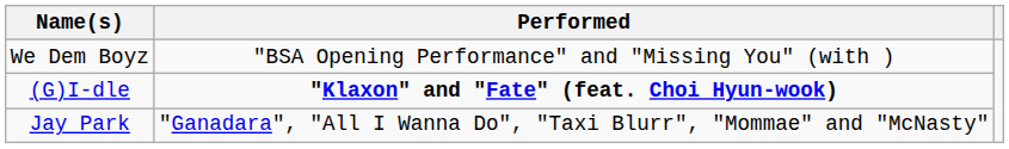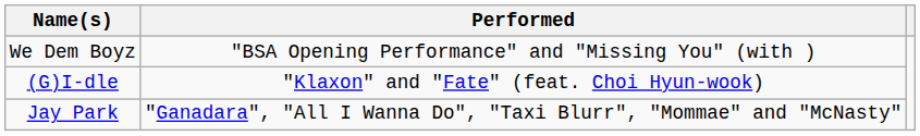 <table class="wikitable" style="text-align:center;">
 <tr>
 <th>Name(s)</th>
 <th>Performed</th>
 <th class="unsortable"></th>
 </tr>
 <tr>
 <td>We Dem Boyz</td>
 <td>"BSA Opening Performance" and "Missing You" (with )</td>
 <td rowspan="3"></td>
 </tr>
 <tr>
 <td><a href='#'>(G)I-dle</a></td>
-<td><strong>"<a href='#'>Klaxon</a>" and "<a href='#'>Fate</a>" (feat. <a href='#'>Choi Hyun-wook</a>)</strong></td>
+<td>"<a href='#'>Klaxon</a>" and "<a href='#'>Fate</a>" (feat. <a href='#'>Choi Hyun-wook</a>)</td>
 </tr>
 <tr>
 <td><a href='#'>Jay Park</a></td>
 <td>"<a href='#'>Ganadara</a>", "All I Wanna Do", "Taxi Blurr", "Mommae" and "McNasty"</td>
 </tr>
 </table>
